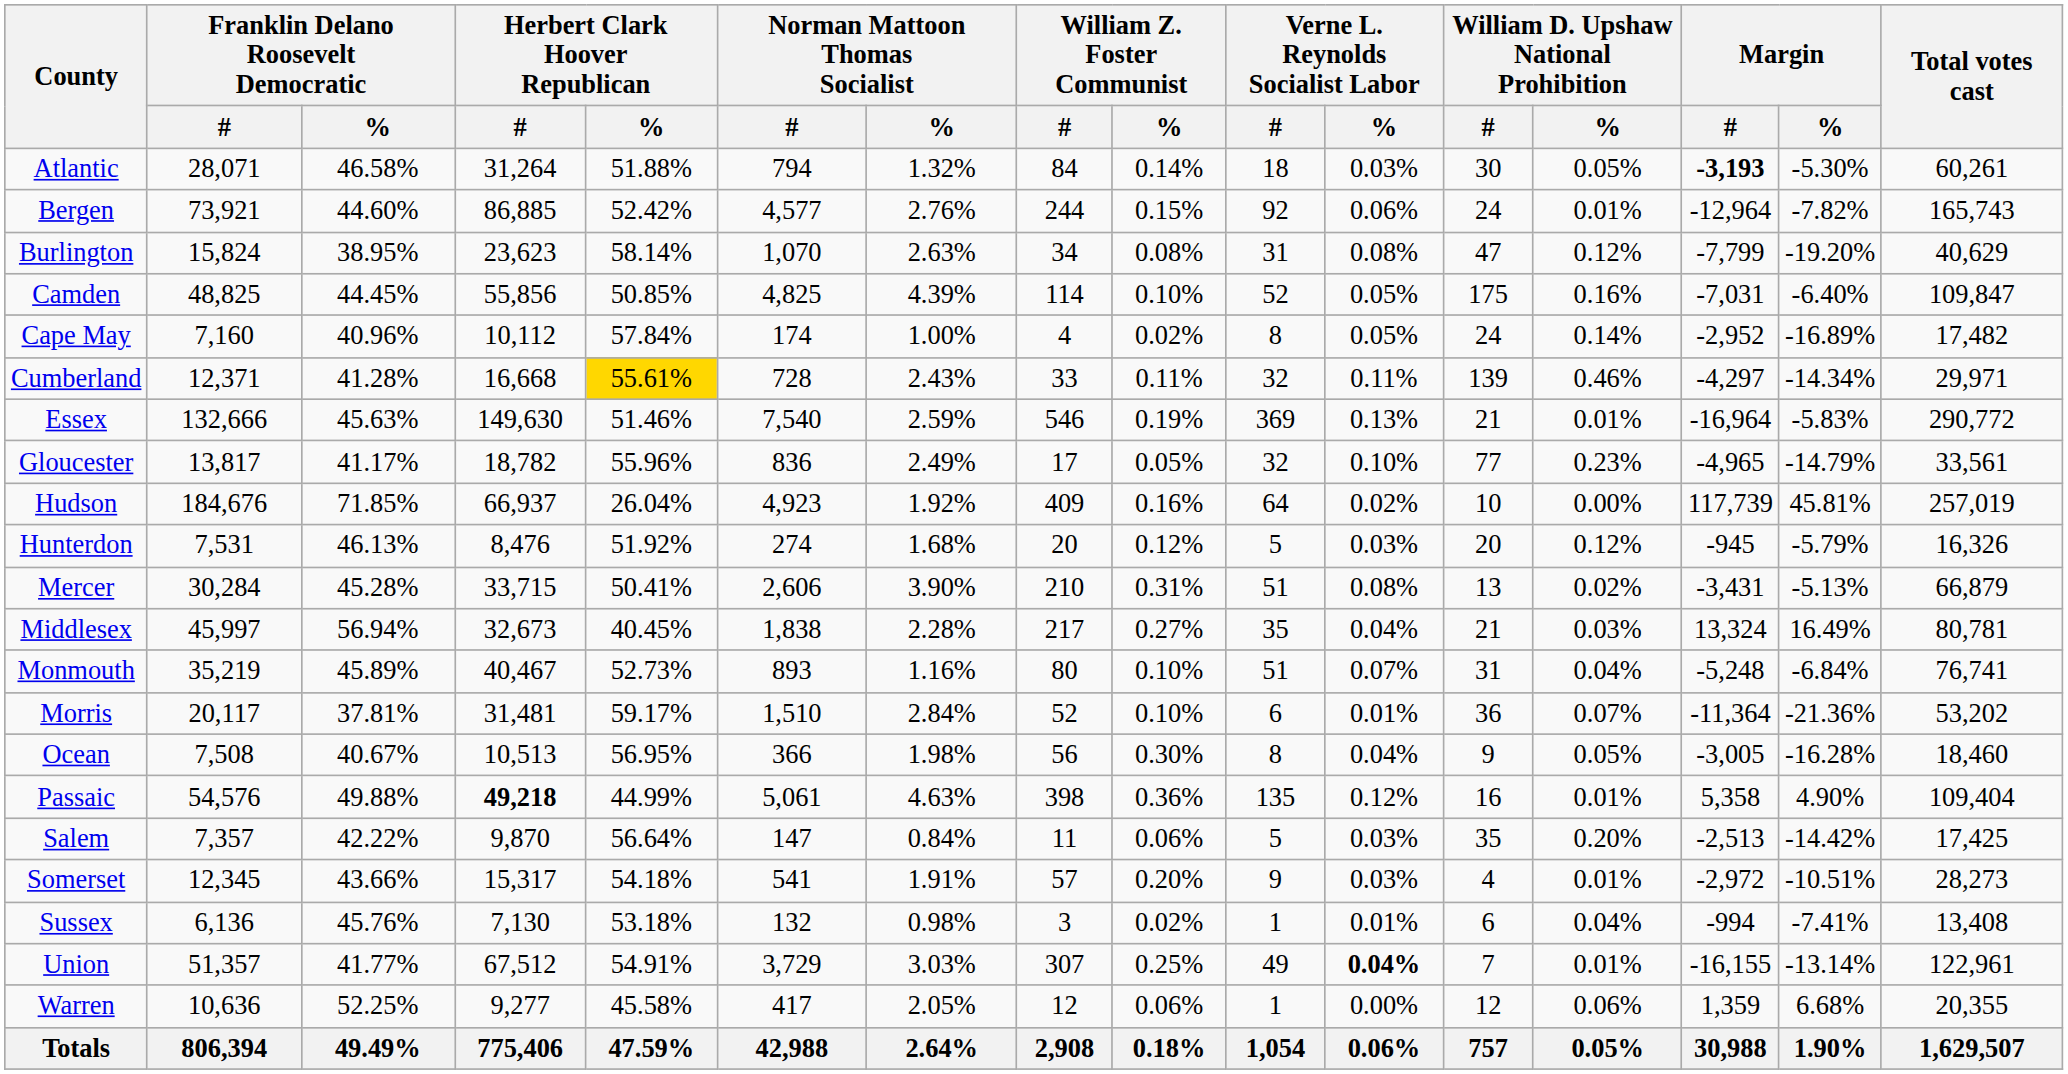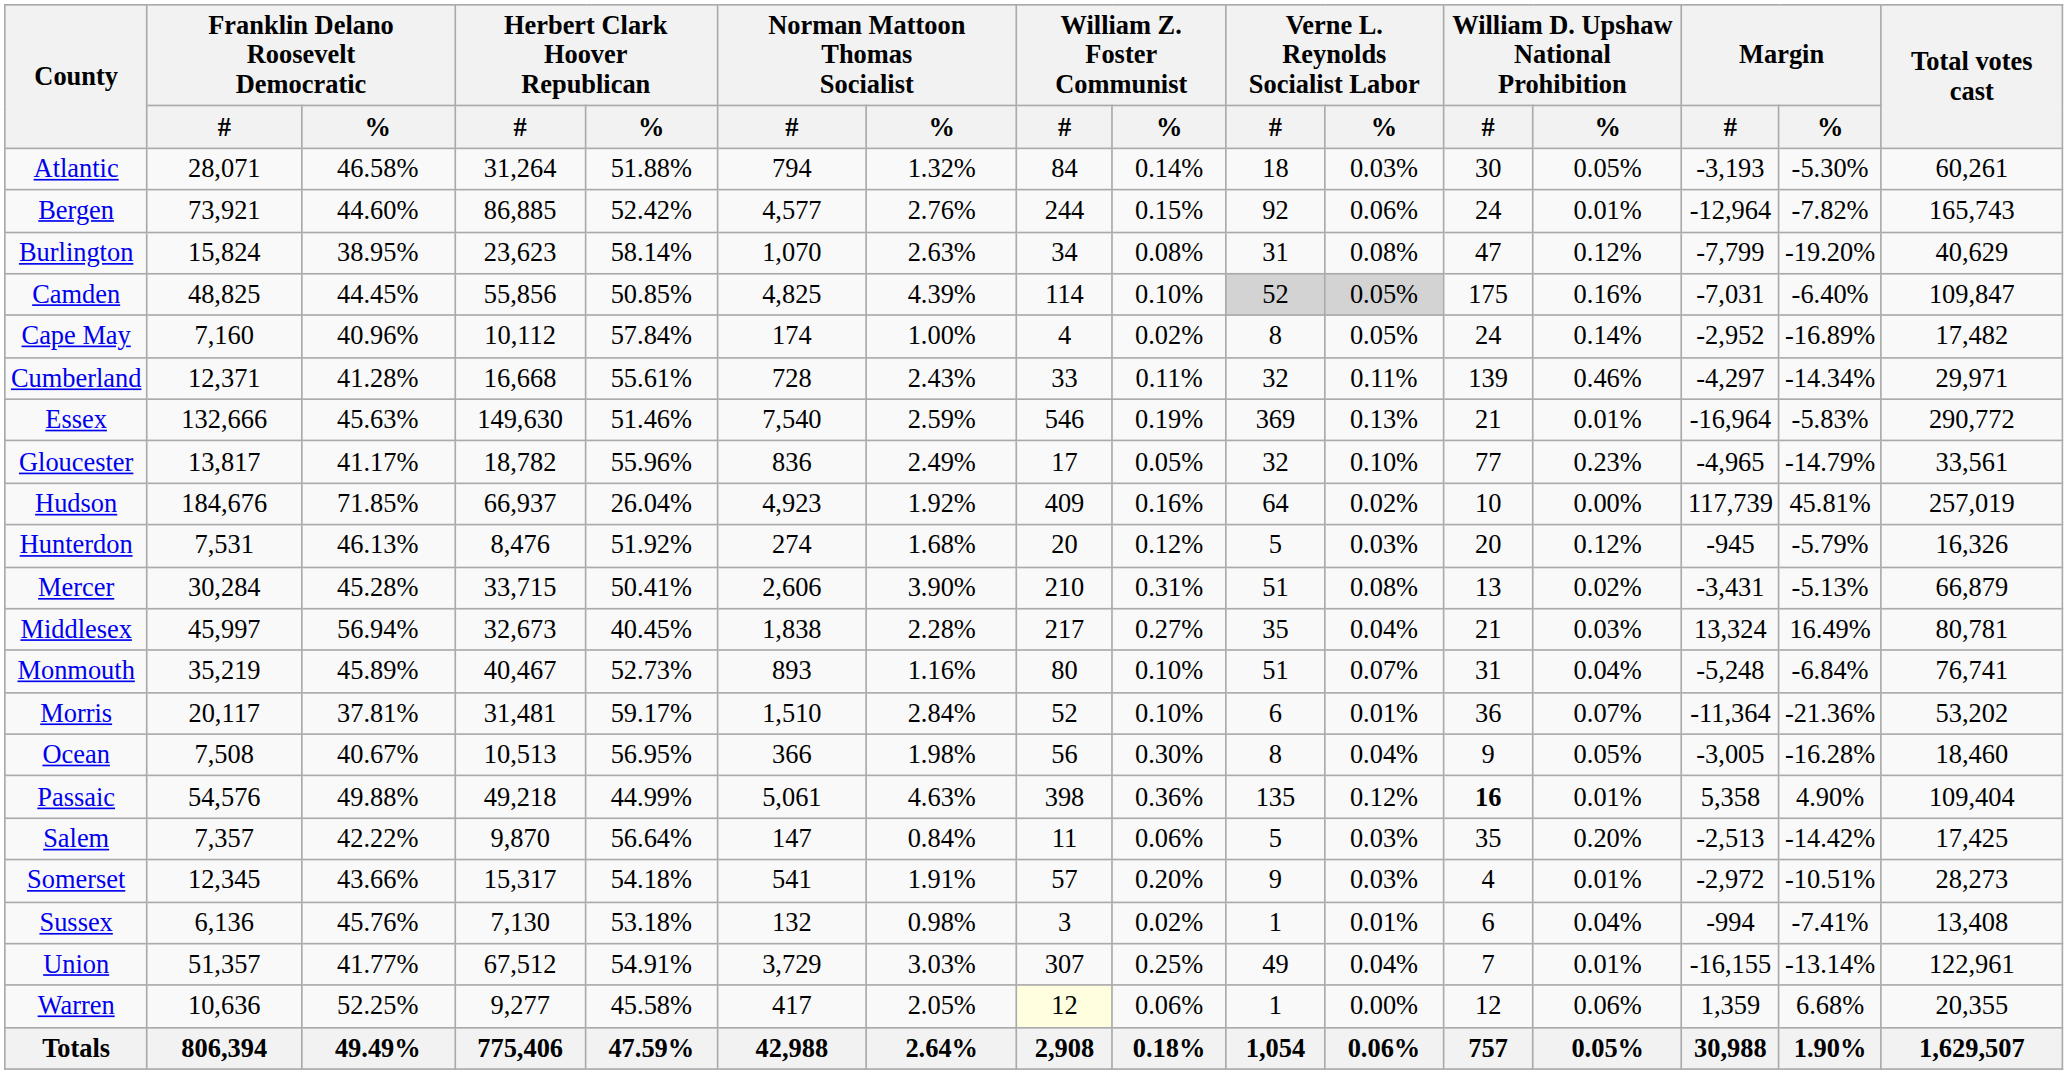 <table class="wikitable sortable" style="text-align:center">
 <tr>
 <th style="text-align:center;" rowspan="2">County</th>
 <th style="text-align:center;" colspan="2">Franklin Delano Roosevelt<br>Democratic</th>
 <th style="text-align:center;" colspan="2">Herbert Clark Hoover<br>Republican</th>
 <th style="text-align:center;" colspan="2">Norman Mattoon Thomas<br>Socialist</th>
 <th style="text-align:center;" colspan="2">William Z. Foster<br>Communist</th>
 <th style="text-align:center;" colspan="2">Verne L. Reynolds<br>Socialist Labor</th>
 <th style="text-align:center;" colspan="2">William D. Upshaw<br>National Prohibition</th>
 <th style="text-align:center;" colspan="2">Margin</th>
 <th style="text-align:center;" rowspan="2">Total votes cast</th>
 </tr>
 <tr>
 <th data-sort-type="number">#</th>
 <th data-sort-type="number">%</th>
 <th data-sort-type="number">#</th>
 <th data-sort-type="number">%</th>
 <th data-sort-type="number">#</th>
 <th data-sort-type="number">%</th>
 <th data-sort-type="number">#</th>
 <th data-sort-type="number">%</th>
 <th data-sort-type="number">#</th>
 <th data-sort-type="number">%</th>
 <th data-sort-type="number">#</th>
 <th data-sort-type="number">%</th>
 <th data-sort-type="number">#</th>
 <th data-sort-type="number">%</th>
 </tr>
 <tr style="text-align:center;">
 <td><a href='#'>Atlantic</a></td>
 <td>28,071</td>
 <td>46.58%</td>
 <td>31,264</td>
 <td>51.88%</td>
 <td>794</td>
 <td>1.32%</td>
 <td>84</td>
 <td>0.14%</td>
 <td>18</td>
 <td>0.03%</td>
 <td>30</td>
 <td>0.05%</td>
-<td><strong>-3,193</strong></td>
+<td>-3,193</td>
 <td>-5.30%</td>
 <td>60,261</td>
 </tr>
 <tr style="text-align:center;">
 <td><a href='#'>Bergen</a></td>
 <td>73,921</td>
 <td>44.60%</td>
 <td>86,885</td>
 <td>52.42%</td>
 <td>4,577</td>
 <td>2.76%</td>
 <td>244</td>
 <td>0.15%</td>
 <td>92</td>
 <td>0.06%</td>
 <td>24</td>
 <td>0.01%</td>
 <td>-12,964</td>
 <td>-7.82%</td>
 <td>165,743</td>
 </tr>
 <tr style="text-align:center;">
 <td><a href='#'>Burlington</a></td>
 <td>15,824</td>
 <td>38.95%</td>
 <td>23,623</td>
 <td>58.14%</td>
 <td>1,070</td>
 <td>2.63%</td>
 <td>34</td>
 <td>0.08%</td>
 <td>31</td>
 <td>0.08%</td>
 <td>47</td>
 <td>0.12%</td>
 <td>-7,799</td>
 <td>-19.20%</td>
 <td>40,629</td>
 </tr>
 <tr style="text-align:center;">
 <td><a href='#'>Camden</a></td>
 <td>48,825</td>
 <td>44.45%</td>
 <td>55,856</td>
 <td>50.85%</td>
 <td>4,825</td>
 <td>4.39%</td>
 <td>114</td>
 <td>0.10%</td>
-<td>52</td>
-<td>0.05%</td>
+<td style="background: lightgrey;">52</td>
+<td style="background: lightgrey;">0.05%</td>
 <td>175</td>
 <td>0.16%</td>
 <td>-7,031</td>
 <td>-6.40%</td>
 <td>109,847</td>
 </tr>
 <tr style="text-align:center;">
 <td><a href='#'>Cape May</a></td>
 <td>7,160</td>
 <td>40.96%</td>
 <td>10,112</td>
 <td>57.84%</td>
 <td>174</td>
 <td>1.00%</td>
 <td>4</td>
 <td>0.02%</td>
 <td>8</td>
 <td>0.05%</td>
 <td>24</td>
 <td>0.14%</td>
 <td>-2,952</td>
 <td>-16.89%</td>
 <td>17,482</td>
 </tr>
 <tr style="text-align:center;">
 <td><a href='#'>Cumberland</a></td>
 <td>12,371</td>
 <td>41.28%</td>
 <td>16,668</td>
-<td style="background: gold;">55.61%</td>
+<td>55.61%</td>
 <td>728</td>
 <td>2.43%</td>
 <td>33</td>
 <td>0.11%</td>
 <td>32</td>
 <td>0.11%</td>
 <td>139</td>
 <td>0.46%</td>
 <td>-4,297</td>
 <td>-14.34%</td>
 <td>29,971</td>
 </tr>
 <tr style="text-align:center;">
 <td><a href='#'>Essex</a></td>
 <td>132,666</td>
 <td>45.63%</td>
 <td>149,630</td>
 <td>51.46%</td>
 <td>7,540</td>
 <td>2.59%</td>
 <td>546</td>
 <td>0.19%</td>
 <td>369</td>
 <td>0.13%</td>
 <td>21</td>
 <td>0.01%</td>
 <td>-16,964</td>
 <td>-5.83%</td>
 <td>290,772</td>
 </tr>
 <tr style="text-align:center;">
 <td><a href='#'>Gloucester</a></td>
 <td>13,817</td>
 <td>41.17%</td>
 <td>18,782</td>
 <td>55.96%</td>
 <td>836</td>
 <td>2.49%</td>
 <td>17</td>
 <td>0.05%</td>
 <td>32</td>
 <td>0.10%</td>
 <td>77</td>
 <td>0.23%</td>
 <td>-4,965</td>
 <td>-14.79%</td>
 <td>33,561</td>
 </tr>
 <tr style="text-align:center;">
 <td><a href='#'>Hudson</a></td>
 <td>184,676</td>
 <td>71.85%</td>
 <td>66,937</td>
 <td>26.04%</td>
 <td>4,923</td>
 <td>1.92%</td>
 <td>409</td>
 <td>0.16%</td>
 <td>64</td>
 <td>0.02%</td>
 <td>10</td>
 <td>0.00%</td>
 <td>117,739</td>
 <td>45.81%</td>
 <td>257,019</td>
 </tr>
 <tr style="text-align:center;">
 <td><a href='#'>Hunterdon</a></td>
 <td>7,531</td>
 <td>46.13%</td>
 <td>8,476</td>
 <td>51.92%</td>
 <td>274</td>
 <td>1.68%</td>
 <td>20</td>
 <td>0.12%</td>
 <td>5</td>
 <td>0.03%</td>
 <td>20</td>
 <td>0.12%</td>
 <td>-945</td>
 <td>-5.79%</td>
 <td>16,326</td>
 </tr>
 <tr style="text-align:center;">
 <td><a href='#'>Mercer</a></td>
 <td>30,284</td>
 <td>45.28%</td>
 <td>33,715</td>
 <td>50.41%</td>
 <td>2,606</td>
 <td>3.90%</td>
 <td>210</td>
 <td>0.31%</td>
 <td>51</td>
 <td>0.08%</td>
 <td>13</td>
 <td>0.02%</td>
 <td>-3,431</td>
 <td>-5.13%</td>
 <td>66,879</td>
 </tr>
 <tr style="text-align:center;">
 <td><a href='#'>Middlesex</a></td>
 <td>45,997</td>
 <td>56.94%</td>
 <td>32,673</td>
 <td>40.45%</td>
 <td>1,838</td>
 <td>2.28%</td>
 <td>217</td>
 <td>0.27%</td>
 <td>35</td>
 <td>0.04%</td>
 <td>21</td>
 <td>0.03%</td>
 <td>13,324</td>
 <td>16.49%</td>
 <td>80,781</td>
 </tr>
 <tr style="text-align:center;">
 <td><a href='#'>Monmouth</a></td>
 <td>35,219</td>
 <td>45.89%</td>
 <td>40,467</td>
 <td>52.73%</td>
 <td>893</td>
 <td>1.16%</td>
 <td>80</td>
 <td>0.10%</td>
 <td>51</td>
 <td>0.07%</td>
 <td>31</td>
 <td>0.04%</td>
 <td>-5,248</td>
 <td>-6.84%</td>
 <td>76,741</td>
 </tr>
 <tr style="text-align:center;">
 <td><a href='#'>Morris</a></td>
 <td>20,117</td>
 <td>37.81%</td>
 <td>31,481</td>
 <td>59.17%</td>
 <td>1,510</td>
 <td>2.84%</td>
 <td>52</td>
 <td>0.10%</td>
 <td>6</td>
 <td>0.01%</td>
 <td>36</td>
 <td>0.07%</td>
 <td>-11,364</td>
 <td>-21.36%</td>
 <td>53,202</td>
 </tr>
 <tr style="text-align:center;">
 <td><a href='#'>Ocean</a></td>
 <td>7,508</td>
 <td>40.67%</td>
 <td>10,513</td>
 <td>56.95%</td>
 <td>366</td>
 <td>1.98%</td>
 <td>56</td>
 <td>0.30%</td>
 <td>8</td>
 <td>0.04%</td>
 <td>9</td>
 <td>0.05%</td>
 <td>-3,005</td>
 <td>-16.28%</td>
 <td>18,460</td>
 </tr>
 <tr style="text-align:center;">
 <td><a href='#'>Passaic</a></td>
 <td>54,576</td>
 <td>49.88%</td>
-<td><strong>49,218</strong></td>
+<td>49,218</td>
 <td>44.99%</td>
 <td>5,061</td>
 <td>4.63%</td>
 <td>398</td>
 <td>0.36%</td>
 <td>135</td>
 <td>0.12%</td>
-<td>16</td>
+<td><strong>16</strong></td>
 <td>0.01%</td>
 <td>5,358</td>
 <td>4.90%</td>
 <td>109,404</td>
 </tr>
 <tr style="text-align:center;">
 <td><a href='#'>Salem</a></td>
 <td>7,357</td>
 <td>42.22%</td>
 <td>9,870</td>
 <td>56.64%</td>
 <td>147</td>
 <td>0.84%</td>
 <td>11</td>
 <td>0.06%</td>
 <td>5</td>
 <td>0.03%</td>
 <td>35</td>
 <td>0.20%</td>
 <td>-2,513</td>
 <td>-14.42%</td>
 <td>17,425</td>
 </tr>
 <tr style="text-align:center;">
 <td><a href='#'>Somerset</a></td>
 <td>12,345</td>
 <td>43.66%</td>
 <td>15,317</td>
 <td>54.18%</td>
 <td>541</td>
 <td>1.91%</td>
 <td>57</td>
 <td>0.20%</td>
 <td>9</td>
 <td>0.03%</td>
 <td>4</td>
 <td>0.01%</td>
 <td>-2,972</td>
 <td>-10.51%</td>
 <td>28,273</td>
 </tr>
 <tr style="text-align:center;">
 <td><a href='#'>Sussex</a></td>
 <td>6,136</td>
 <td>45.76%</td>
 <td>7,130</td>
 <td>53.18%</td>
 <td>132</td>
 <td>0.98%</td>
 <td>3</td>
 <td>0.02%</td>
 <td>1</td>
 <td>0.01%</td>
 <td>6</td>
 <td>0.04%</td>
 <td>-994</td>
 <td>-7.41%</td>
 <td>13,408</td>
 </tr>
 <tr style="text-align:center;">
 <td><a href='#'>Union</a></td>
 <td>51,357</td>
 <td>41.77%</td>
 <td>67,512</td>
 <td>54.91%</td>
 <td>3,729</td>
 <td>3.03%</td>
 <td>307</td>
 <td>0.25%</td>
 <td>49</td>
-<td><strong>0.04%</strong></td>
+<td>0.04%</td>
 <td>7</td>
 <td>0.01%</td>
 <td>-16,155</td>
 <td>-13.14%</td>
 <td>122,961</td>
 </tr>
 <tr style="text-align:center;">
 <td><a href='#'>Warren</a></td>
 <td>10,636</td>
 <td>52.25%</td>
 <td>9,277</td>
 <td>45.58%</td>
 <td>417</td>
 <td>2.05%</td>
-<td>12</td>
+<td style="background: lightyellow;">12</td>
 <td>0.06%</td>
 <td>1</td>
 <td>0.00%</td>
 <td>12</td>
 <td>0.06%</td>
 <td>1,359</td>
 <td>6.68%</td>
 <td>20,355</td>
 </tr>
 <tr style="text-align:center;">
 <th>Totals</th>
 <th>806,394</th>
 <th>49.49%</th>
 <th>775,406</th>
 <th>47.59%</th>
 <th>42,988</th>
 <th>2.64%</th>
 <th>2,908</th>
 <th>0.18%</th>
 <th>1,054</th>
 <th>0.06%</th>
 <th>757</th>
 <th>0.05%</th>
 <th>30,988</th>
 <th>1.90%</th>
 <th>1,629,507</th>
 </tr>
 </table>
